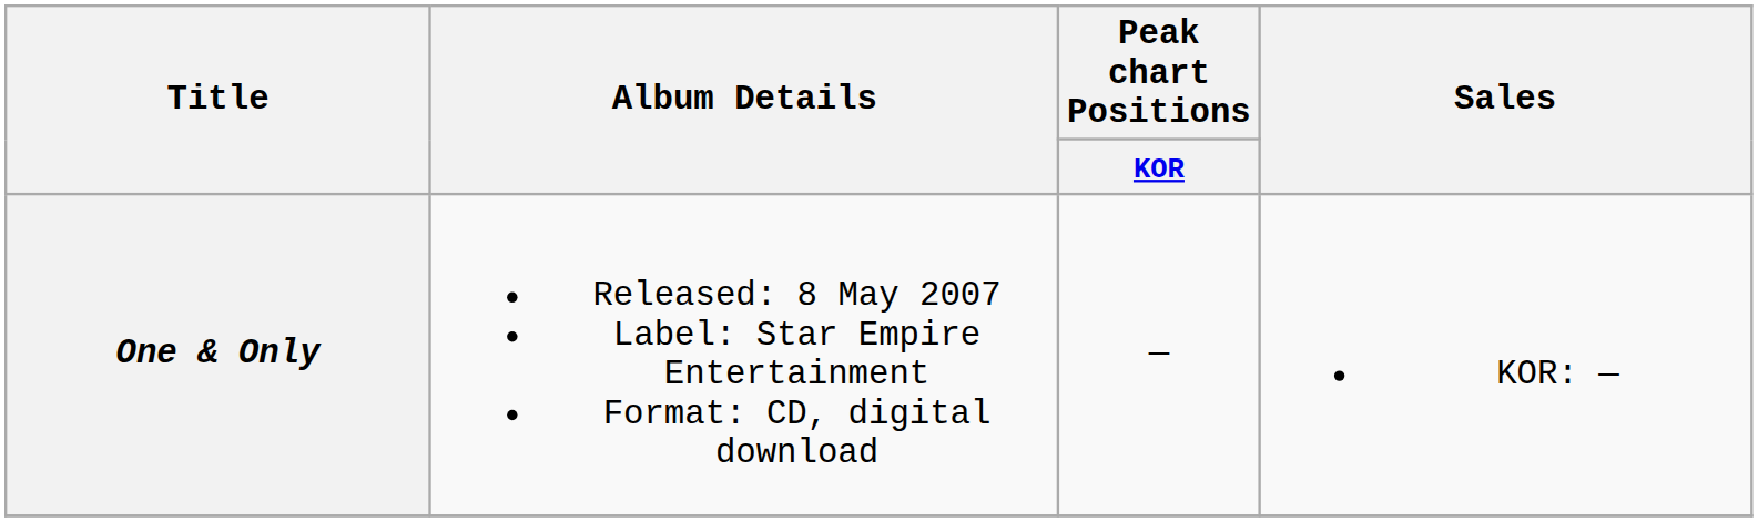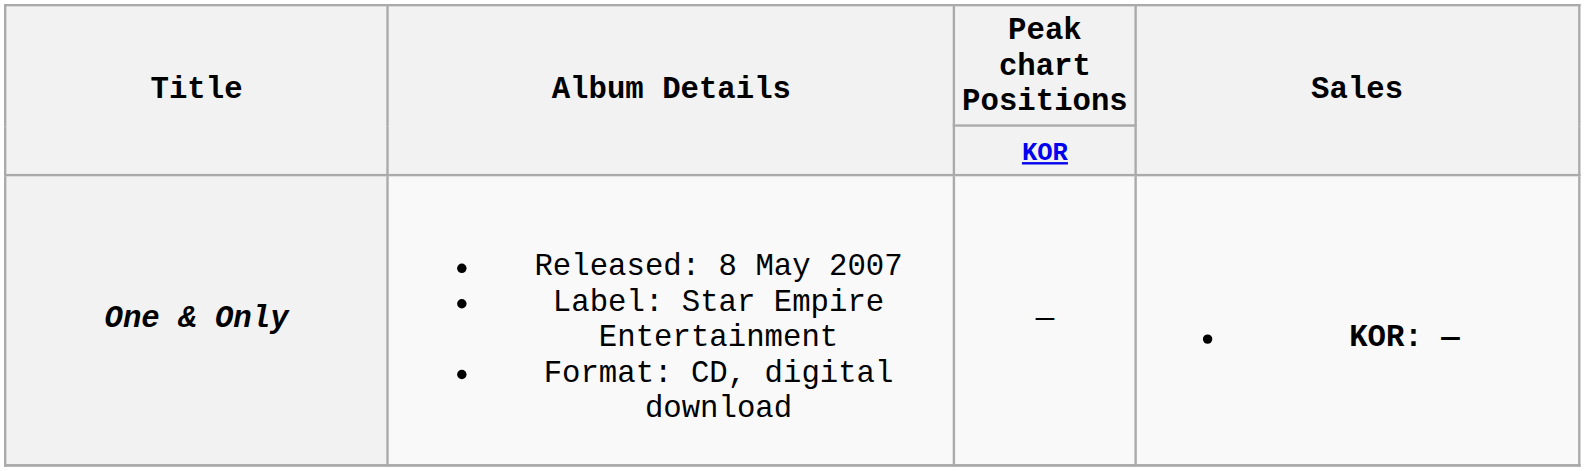 <table class="wikitable plainrowheaders" style="text-align:center;">
 <tr>
 <th rowspan="2" style="width:12em;">Title</th>
 <th rowspan="2" style="width:18em;">Album Details</th>
 <th colspan="1">Peak chart<br>Positions</th>
 <th rowspan="2" style="width:14em;">Sales</th>
 </tr>
 <tr>
 <th style="width:2.5em;"><small><a href='#'>KOR</a></small></th>
 </tr>
 <tr>
 <th scope="row"><strong><em>One & Only</em></strong></th>
 <td><br><ul><li>Released: 8 May 2007</li><li>Label: Star Empire Entertainment</li><li>Format: CD, digital download</li></ul></td>
 <td>—</td>
-<td><br><ul><li>KOR: —</li></ul></td>
+<td><strong><br><ul><li>KOR: —</li></ul></strong></td>
 </tr>
 <tr>
 </tr>
 </table>
